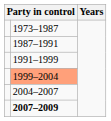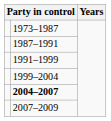 <table class="wikitable">
 <tr>
 <th colspan="2">Party in control</th>
 <th>Years</th>
 </tr>
 <tr>
 <td></td>
 <td>1973–1987</td>
 </tr>
 <tr>
 <td></td>
 <td>1987–1991</td>
 </tr>
 <tr>
 <td></td>
 <td>1991–1999</td>
 </tr>
 <tr>
 <td></td>
-<td style="background: lightsalmon;">1999–2004</td>
+<td>1999–2004</td>
 </tr>
 <tr>
 <td></td>
-<td>2004–2007</td>
+<td><strong>2004–2007</strong></td>
 </tr>
 <tr>
 <td></td>
-<td><strong>2007–2009</strong></td>
+<td>2007–2009</td>
 </tr>
 </table>
